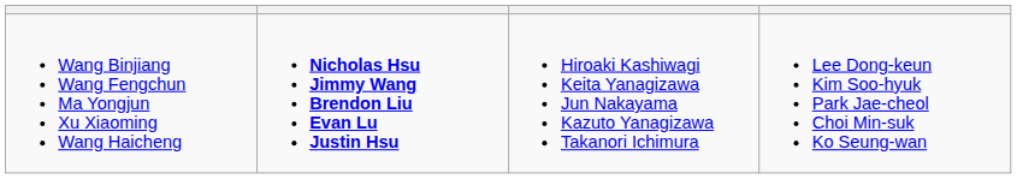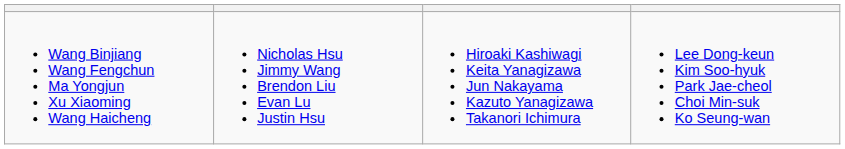 <table class="wikitable" style="font-size:90%">
 <tr>
 <th width=200></th>
 <th width=200></th>
 <th width=200></th>
 <th width=200></th>
 </tr>
 <tr>
 <td valign=top><br><ul><li><a href='#'>Wang Binjiang</a></li><li><a href='#'>Wang Fengchun</a></li><li><a href='#'>Ma Yongjun</a></li><li><a href='#'>Xu Xiaoming</a></li><li><a href='#'>Wang Haicheng</a></li></ul></td>
-<td valign=top><strong><br><ul><li><a href='#'>Nicholas Hsu</a></li><li><a href='#'>Jimmy Wang</a></li><li><a href='#'>Brendon Liu</a></li><li><a href='#'>Evan Lu</a></li><li><a href='#'>Justin Hsu</a></li></ul></strong></td>
+<td valign=top><br><ul><li><a href='#'>Nicholas Hsu</a></li><li><a href='#'>Jimmy Wang</a></li><li><a href='#'>Brendon Liu</a></li><li><a href='#'>Evan Lu</a></li><li><a href='#'>Justin Hsu</a></li></ul></td>
 <td valign=top><br><ul><li><a href='#'>Hiroaki Kashiwagi</a></li><li><a href='#'>Keita Yanagizawa</a></li><li><a href='#'>Jun Nakayama</a></li><li><a href='#'>Kazuto Yanagizawa</a></li><li><a href='#'>Takanori Ichimura</a></li></ul></td>
 <td valign=top><br><ul><li><a href='#'>Lee Dong-keun</a></li><li><a href='#'>Kim Soo-hyuk</a></li><li><a href='#'>Park Jae-cheol</a></li><li><a href='#'>Choi Min-suk</a></li><li><a href='#'>Ko Seung-wan</a></li></ul></td>
 </tr>
 </table>
